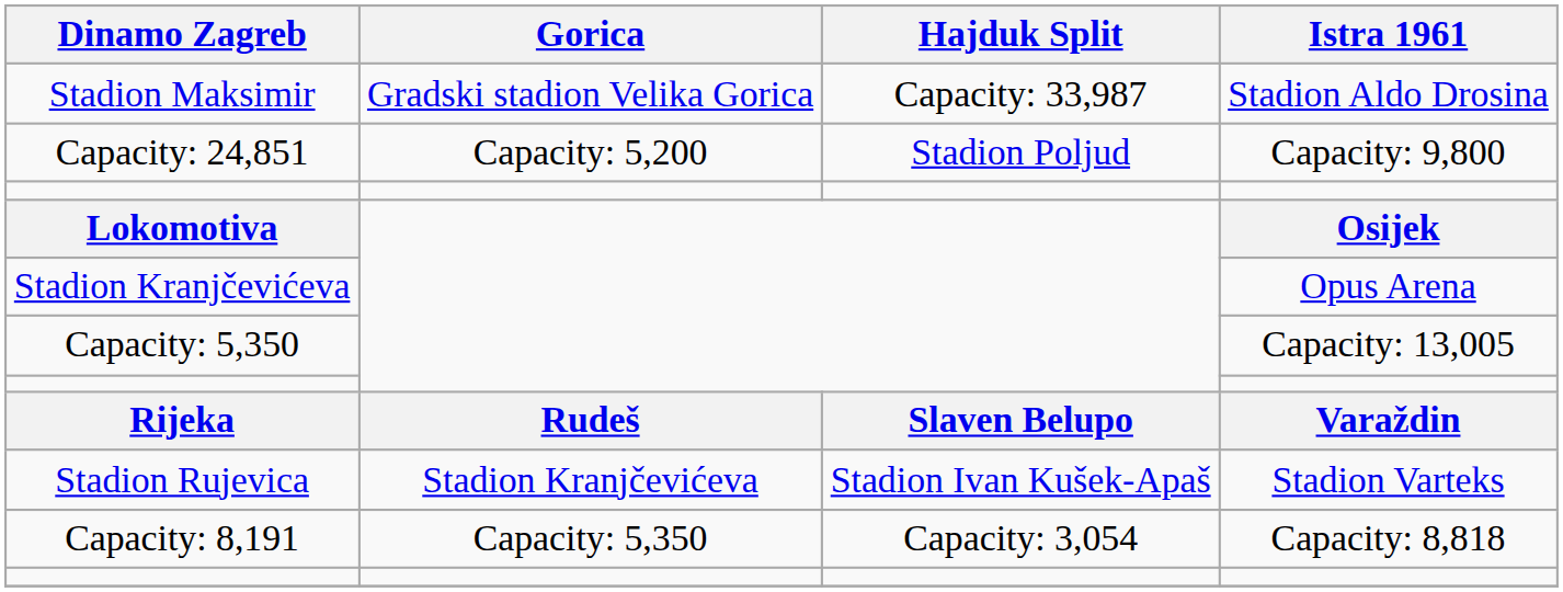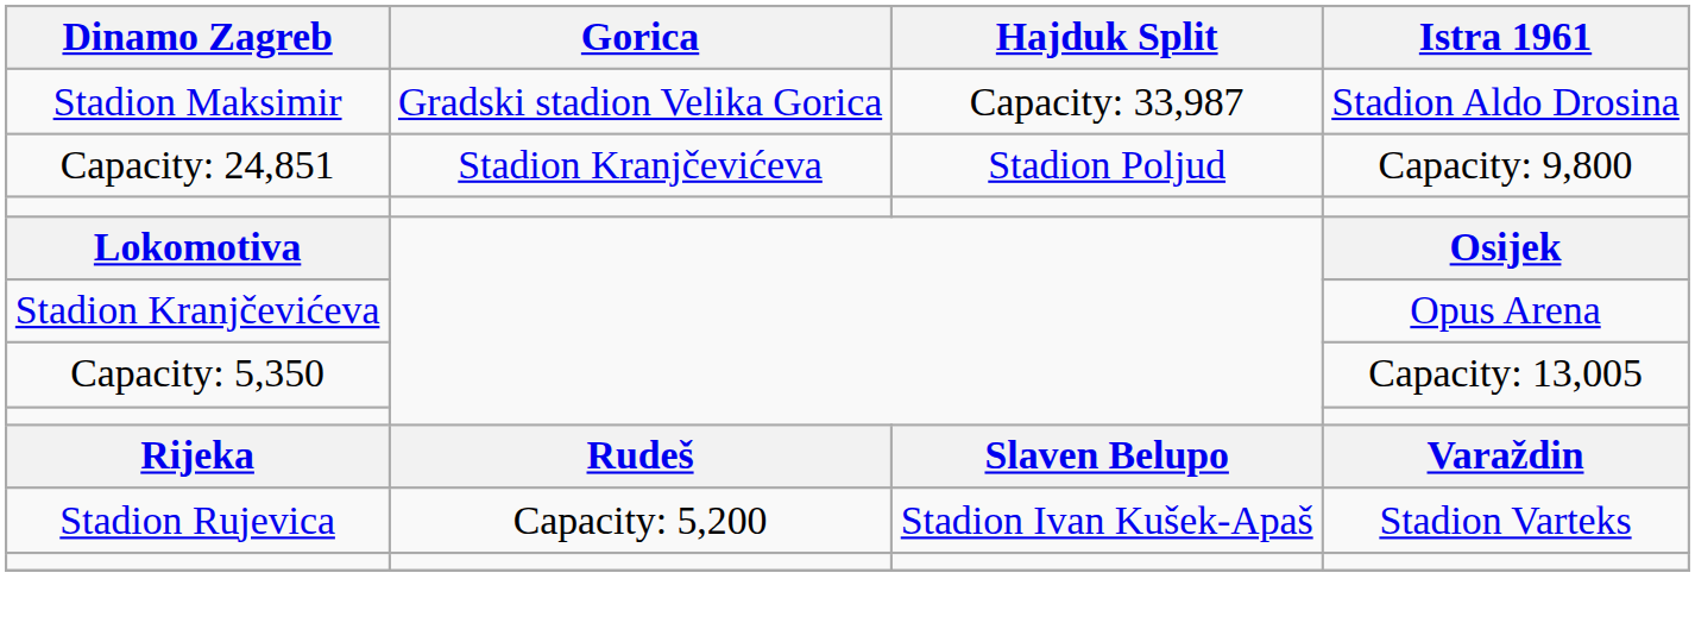 <table class="wikitable" style="text-align:center;">
 <tr>
 <th><a href='#'>Dinamo Zagreb</a></th>
 <th><a href='#'>Gorica</a></th>
 <th><a href='#'>Hajduk Split</a></th>
 <th><a href='#'>Istra 1961</a></th>
 </tr>
 <tr>
 <td><a href='#'>Stadion Maksimir</a></td>
 <td><a href='#'>Gradski stadion Velika Gorica</a></td>
 <td>Capacity: 33,987</td>
 <td><a href='#'>Stadion Aldo Drosina</a></td>
 </tr>
 <tr>
 <td>Capacity: 24,851</td>
-<td>Capacity: 5,200</td>
+<td><a href='#'>Stadion Kranjčevićeva</a></td>
 <td><a href='#'>Stadion Poljud</a></td>
 <td>Capacity: 9,800</td>
 </tr>
 <tr>
 <td></td>
 <td></td>
 <td></td>
 <td></td>
 </tr>
 <tr>
 <th><a href='#'>Lokomotiva</a></th>
 <td colspan="2" rowspan="4"><br> </td>
 <th><a href='#'>Osijek</a></th>
 </tr>
 <tr>
 <td><a href='#'>Stadion Kranjčevićeva</a></td>
 <td><a href='#'>Opus Arena</a></td>
 </tr>
 <tr>
 <td>Capacity: 5,350</td>
 <td>Capacity: 13,005</td>
 </tr>
 <tr>
 <td></td>
 <td></td>
 </tr>
 <tr>
 <th><a href='#'>Rijeka</a></th>
 <th><a href='#'>Rudeš</a></th>
 <th><a href='#'>Slaven Belupo</a></th>
 <th><a href='#'>Varaždin</a></th>
 </tr>
 <tr>
 <td><a href='#'>Stadion Rujevica</a></td>
-<td><a href='#'>Stadion Kranjčevićeva</a></td>
+<td>Capacity: 5,200</td>
 <td><a href='#'>Stadion Ivan Kušek-Apaš</a></td>
 <td><a href='#'>Stadion Varteks</a></td>
-</tr>
-<tr>
-<td>Capacity: 8,191</td>
-<td>Capacity: 5,350</td>
-<td>Capacity: 3,054</td>
-<td>Capacity: 8,818</td>
 </tr>
 <tr>
 <td></td>
 <td></td>
 <td></td>
 <td></td>
 </tr>
 <tr>
 </tr>
 </table>
